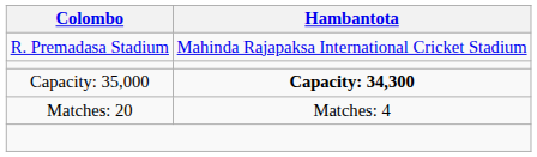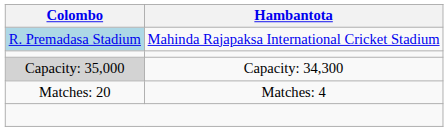 <table class="wikitable" style="margin:1em auto; text-align:center;">
 <tr>
 <th><a href='#'>Colombo</a></th>
 <th><a href='#'>Hambantota</a></th>
 </tr>
 <tr>
-<td><a href='#'>R. Premadasa Stadium</a></td>
+<td style="background: lightblue;"><a href='#'>R. Premadasa Stadium</a></td>
 <td><a href='#'>Mahinda Rajapaksa International Cricket Stadium</a></td>
 </tr>
 <tr>
 <td></td>
 <td></td>
 </tr>
 <tr>
-<td>Capacity: 35,000</td>
-<td><strong>Capacity: 34,300</strong></td>
+<td style="background: lightgrey;">Capacity: 35,000</td>
+<td>Capacity: 34,300</td>
 </tr>
 <tr>
 <td>Matches: 20</td>
 <td>Matches: 4</td>
 </tr>
 <tr>
 <td colspan="3"><br><div></div></td>
 </tr>
 </table>
